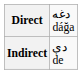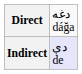 <table class="wikitable">
 <tr>
 <th>Direct</th>
 <td>دغه<br>dáğa</td>
 </tr>
 <tr>
 <th>Indirect</th>
-<td>دې<br>de</td>
+<td style="background: lavender;">دې<br>de</td>
 </tr>
 </table>
